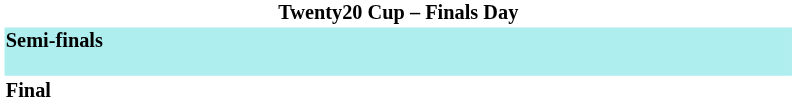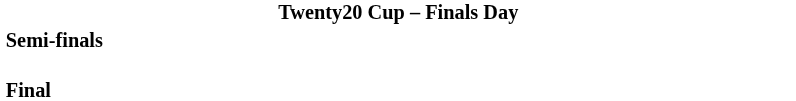 <table class="toccolours collapsible collapsed" width=100%>
 <tr>
 <th colspan="1"><strong>Twenty20 Cup – Finals Day</strong></th>
 </tr>
 <tr>
-<td colspan="1" style="background: paleturquoise;"><strong>Semi-finals</strong><br><br> </td>
+<td colspan="1"><strong>Semi-finals</strong><br><br> </td>
 </tr>
 <tr>
 <td colspan="1"><strong>Final</strong><br></td>
 </tr>
 </table>
